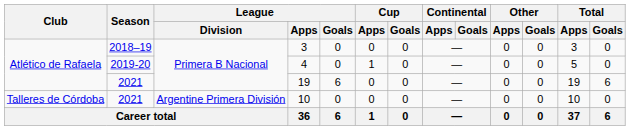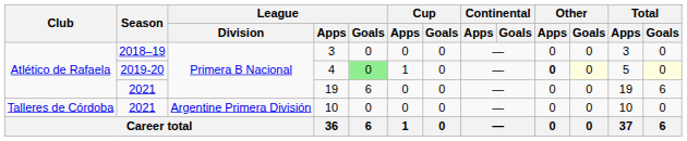 <table class="wikitable" style="text-align:center">
 <tr>
 <th rowspan="2">Club</th>
 <th rowspan="2">Season</th>
 <th colspan="3">League</th>
 <th colspan="2">Cup</th>
 <th colspan="2">Continental</th>
 <th colspan="2">Other</th>
 <th colspan="2">Total</th>
 </tr>
 <tr>
 <th>Division</th>
 <th>Apps</th>
 <th>Goals</th>
 <th>Apps</th>
 <th>Goals</th>
 <th>Apps</th>
 <th>Goals</th>
 <th>Apps</th>
 <th>Goals</th>
 <th>Apps</th>
 <th>Goals</th>
 </tr>
 <tr>
 <td rowspan="3"><a href='#'>Atlético de Rafaela</a></td>
 <td><a href='#'>2018–19</a></td>
 <td rowspan="3"><a href='#'>Primera B Nacional</a></td>
 <td>3</td>
 <td>0</td>
 <td>0</td>
 <td>0</td>
 <td colspan="2">—</td>
 <td>0</td>
 <td>0</td>
 <td>3</td>
 <td>0</td>
 </tr>
 <tr>
 <td><a href='#'>2019-20</a></td>
 <td>4</td>
-<td>0</td>
+<td style="background: lightgreen;">0</td>
 <td>1</td>
 <td>0</td>
 <td colspan="2">—</td>
-<td>0</td>
-<td>0</td>
+<td><strong>0</strong></td>
+<td style="background: lightyellow;">0</td>
 <td>5</td>
-<td>0</td>
+<td style="background: lightyellow;">0</td>
 </tr>
 <tr>
 <td><a href='#'>2021</a></td>
 <td>19</td>
 <td>6</td>
 <td>0</td>
 <td>0</td>
 <td colspan="2">—</td>
 <td>0</td>
 <td>0</td>
 <td>19</td>
 <td>6</td>
 </tr>
 <tr>
 <td><a href='#'>Talleres de Córdoba</a></td>
 <td><a href='#'>2021</a></td>
 <td><a href='#'>Argentine Primera División</a></td>
 <td>10</td>
 <td>0</td>
 <td>0</td>
 <td>0</td>
 <td colspan="2">—</td>
 <td>0</td>
 <td>0</td>
 <td>10</td>
 <td>0</td>
 </tr>
 <tr>
 <th colspan="3">Career total</th>
 <th>36</th>
 <th>6</th>
 <th>1</th>
 <th>0</th>
 <th colspan="2">—</th>
 <th>0</th>
 <th>0</th>
 <th>37</th>
 <th>6</th>
 </tr>
 </table>
